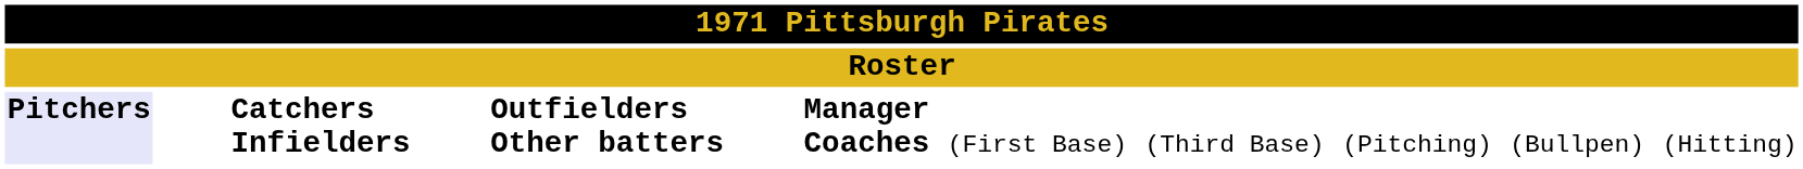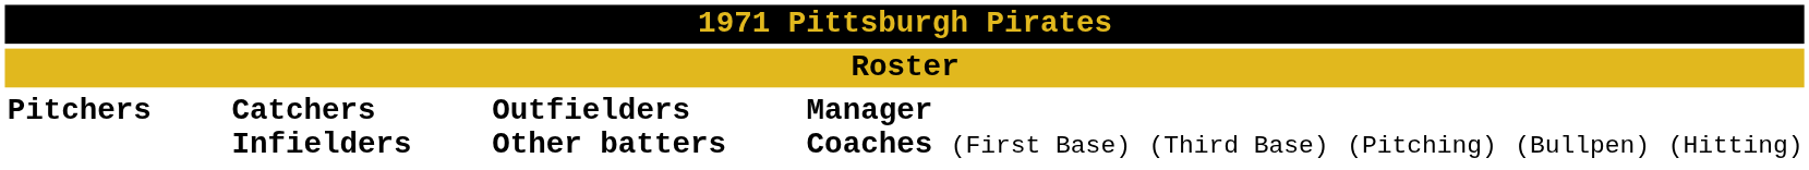 <table class="toccolours" style="font-size: 95%;">
 <tr>
 <th colspan="10" style="background-color: black; color: #e1b81e; text-align: center;">1971 Pittsburgh Pirates</th>
 </tr>
 <tr>
 <td colspan="10" style="background-color: #e1b81e; color: black; text-align: center;"><strong>Roster</strong></td>
 </tr>
 <tr>
-<td valign="top" style="background: lavender;"><strong>Pitchers</strong><br>              </td>
+<td valign="top"><strong>Pitchers</strong><br>              </td>
 <td width="25px"></td>
 <td valign="top"><strong>Catchers</strong><br>   <strong>Infielders</strong>        </td>
 <td width="25px"></td>
 <td valign="top"><strong>Outfielders</strong><br>       <strong>Other batters</strong>  </td>
 <td width="25px"></td>
 <td valign="top"><strong>Manager</strong><br> <strong>Coaches</strong> <small>(First Base)</small> <small>(Third Base)</small> <small>(Pitching)</small> <small>(Bullpen)</small> <small>(Hitting)</small></td>
 </tr>
 </table>
